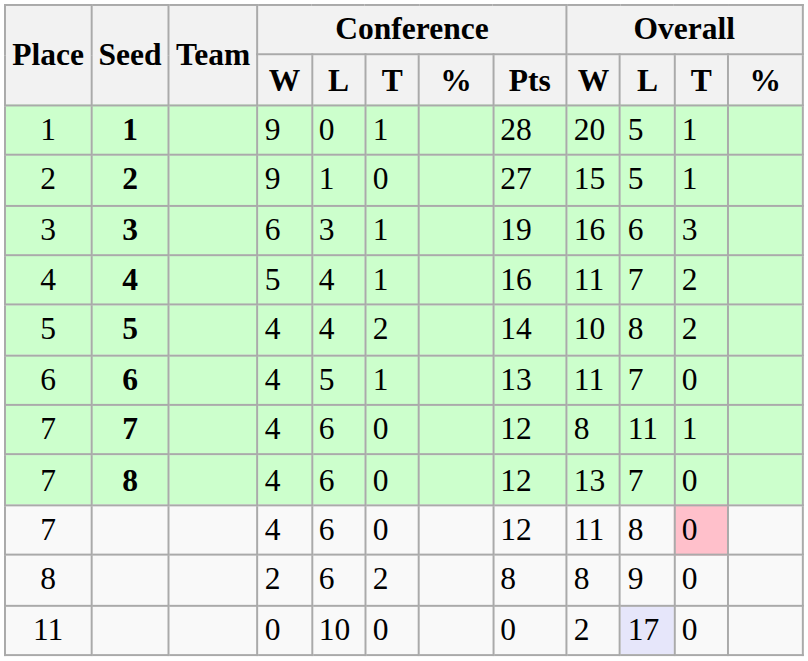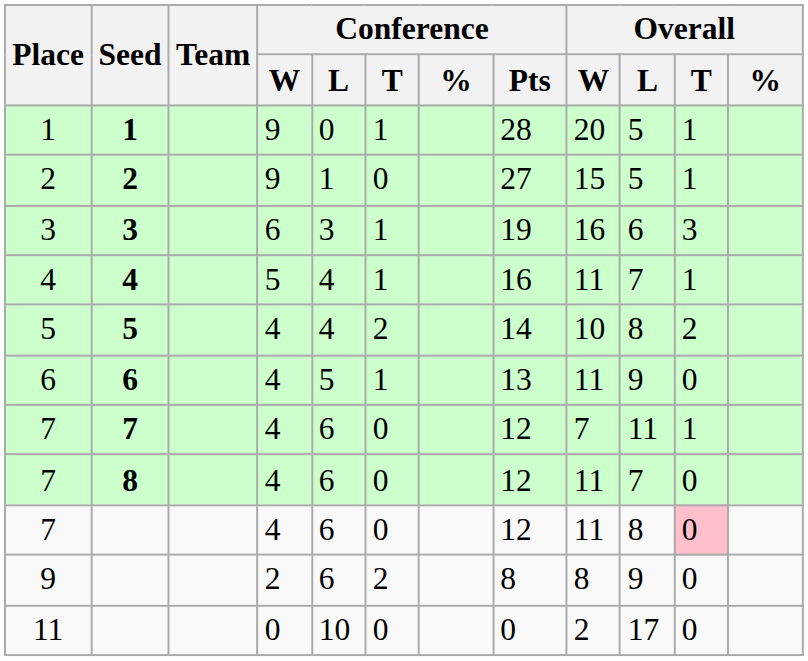 <table class="wikitable">
 <tr>
 <th rowspan ="2">Place</th>
 <th rowspan ="2">Seed</th>
 <th rowspan ="2">Team</th>
 <th colspan = "5">Conference</th>
 <th colspan = "4">Overall</th>
 </tr>
 <tr>
 <th scope="col" style="width: 20px;">W</th>
 <th scope="col" style="width: 20px;">L</th>
 <th scope="col" style="width: 20px;">T</th>
 <th scope="col" style="width: 30px;">%</th>
 <th scope="col" style="width: 30px;">Pts</th>
 <th scope="col" style="width: 20px;">W</th>
 <th scope="col" style="width: 20px;">L</th>
 <th scope="col" style="width: 20px;">T</th>
 <th scope="col" style="width: 30px;">%</th>
 </tr>
 <tr bgcolor=#ccffcc>
 <td style="text-align:center;">1</td>
 <td style="text-align:center;"><strong>1</strong></td>
 <td></td>
 <td>9</td>
 <td>0</td>
 <td>1</td>
 <td></td>
 <td>28</td>
 <td>20</td>
 <td>5</td>
 <td>1</td>
 <td></td>
 </tr>
 <tr bgcolor=#ccffcc>
 <td style="text-align:center;">2</td>
 <td style="text-align:center;"><strong>2</strong></td>
 <td></td>
 <td>9</td>
 <td>1</td>
 <td>0</td>
 <td></td>
 <td>27</td>
 <td>15</td>
 <td>5</td>
 <td>1</td>
 <td></td>
 </tr>
 <tr bgcolor=#ccffcc>
 <td style="text-align:center;">3</td>
 <td style="text-align:center;"><strong>3</strong></td>
 <td></td>
 <td>6</td>
 <td>3</td>
 <td>1</td>
 <td></td>
 <td>19</td>
 <td>16</td>
 <td>6</td>
 <td>3</td>
 <td></td>
 </tr>
 <tr bgcolor=#ccffcc>
 <td style="text-align:center;">4</td>
 <td style="text-align:center;"><strong>4</strong></td>
 <td></td>
 <td>5</td>
 <td>4</td>
 <td>1</td>
 <td></td>
 <td>16</td>
 <td>11</td>
 <td>7</td>
-<td>2</td>
+<td>1</td>
 <td></td>
 </tr>
 <tr bgcolor=#ccffcc>
 <td style="text-align:center;">5</td>
 <td style="text-align:center;"><strong>5</strong></td>
 <td></td>
 <td>4</td>
 <td>4</td>
 <td>2</td>
 <td></td>
 <td>14</td>
 <td>10</td>
 <td>8</td>
 <td>2</td>
 <td></td>
 </tr>
 <tr bgcolor=#ccffcc>
 <td style="text-align:center;">6</td>
 <td style="text-align:center;"><strong>6</strong></td>
 <td></td>
 <td>4</td>
 <td>5</td>
 <td>1</td>
 <td></td>
 <td>13</td>
 <td>11</td>
-<td>7</td>
+<td>9</td>
 <td>0</td>
 <td></td>
 </tr>
 <tr bgcolor=#ccffcc>
 <td style="text-align:center;">7</td>
 <td style="text-align:center;"><strong>7</strong></td>
 <td></td>
 <td>4</td>
 <td>6</td>
 <td>0</td>
 <td></td>
 <td>12</td>
-<td>8</td>
+<td>7</td>
 <td>11</td>
 <td>1</td>
 <td></td>
 </tr>
 <tr bgcolor=#ccffcc>
 <td style="text-align:center;">7</td>
 <td style="text-align:center;"><strong>8</strong></td>
 <td></td>
 <td>4</td>
 <td>6</td>
 <td>0</td>
 <td></td>
 <td>12</td>
-<td>13</td>
+<td>11</td>
 <td>7</td>
 <td>0</td>
 <td></td>
 </tr>
 <tr>
 <td style="text-align:center;">7</td>
 <td style="text-align:center;"></td>
 <td></td>
 <td>4</td>
 <td>6</td>
 <td>0</td>
 <td></td>
 <td>12</td>
 <td>11</td>
 <td>8</td>
 <td style="background: pink;">0</td>
 <td></td>
 </tr>
 <tr>
-<td style="text-align:center;">8</td>
+<td style="text-align:center;">9</td>
 <td style="text-align:center;"></td>
 <td></td>
 <td>2</td>
 <td>6</td>
 <td>2</td>
 <td></td>
 <td>8</td>
 <td>8</td>
 <td>9</td>
 <td>0</td>
 <td></td>
 </tr>
 <tr>
 <td style="text-align:center;">11</td>
 <td style="text-align:center;"></td>
 <td></td>
 <td>0</td>
 <td>10</td>
 <td>0</td>
 <td></td>
 <td>0</td>
 <td>2</td>
-<td style="background: lavender;">17</td>
+<td>17</td>
 <td>0</td>
 <td></td>
 </tr>
 </table>
